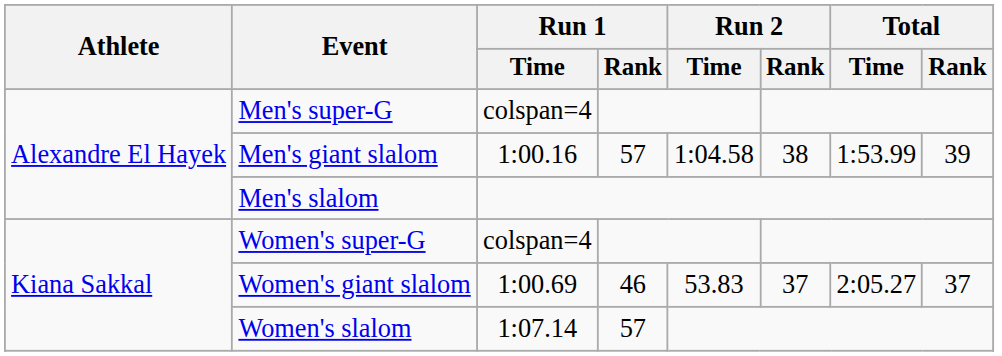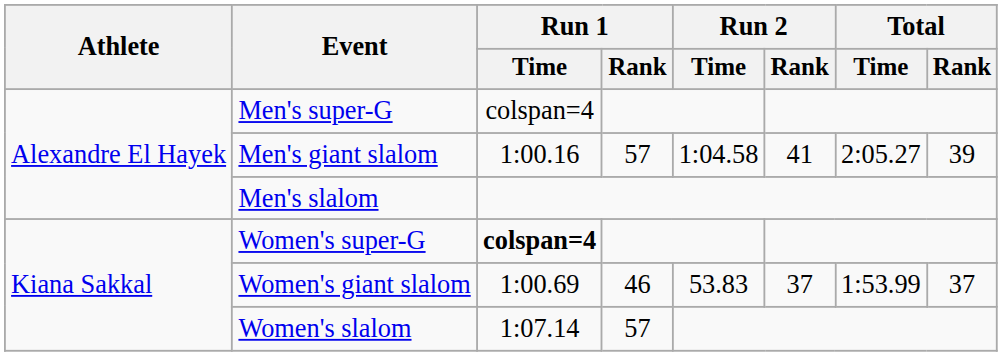 <table class="wikitable" style="font-size:90%">
 <tr>
 <th rowspan=2>Athlete</th>
 <th rowspan=2>Event</th>
 <th colspan=2>Run 1</th>
 <th colspan=2>Run 2</th>
 <th colspan=2>Total</th>
 </tr>
 <tr style="font-size:95%">
 <th>Time</th>
 <th>Rank</th>
 <th>Time</th>
 <th>Rank</th>
 <th>Time</th>
 <th>Rank</th>
 </tr>
 <tr align=center>
 <td align="left" rowspan="3"><a href='#'>Alexandre El Hayek</a></td>
 <td align="left"><a href='#'>Men's super-G</a></td>
 <td>colspan=4 </td>
 <td colspan=2></td>
 </tr>
 <tr align=center>
 <td align="left"><a href='#'>Men's giant slalom</a></td>
 <td>1:00.16</td>
 <td>57</td>
 <td>1:04.58</td>
-<td>38</td>
-<td>1:53.99</td>
+<td>41</td>
+<td>2:05.27</td>
 <td>39</td>
 </tr>
 <tr align=center>
 <td align="left"><a href='#'>Men's slalom</a></td>
 <td colspan=6></td>
 </tr>
 <tr align=center>
 <td align="left" rowspan="3"><a href='#'>Kiana Sakkal</a></td>
 <td align="left"><a href='#'>Women's super-G</a></td>
-<td>colspan=4 </td>
+<td><strong>colspan=4 </strong></td>
 <td colspan=2></td>
 </tr>
 <tr align=center>
 <td align="left"><a href='#'>Women's giant slalom</a></td>
 <td>1:00.69</td>
 <td>46</td>
 <td>53.83</td>
 <td>37</td>
-<td>2:05.27</td>
+<td>1:53.99</td>
 <td>37</td>
 </tr>
 <tr align=center>
 <td align="left"><a href='#'>Women's slalom</a></td>
 <td>1:07.14</td>
 <td>57</td>
 <td colspan=4></td>
 </tr>
 </table>
